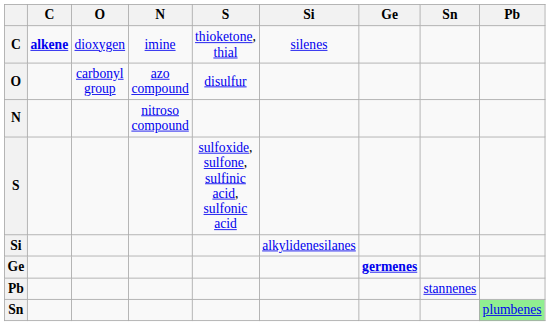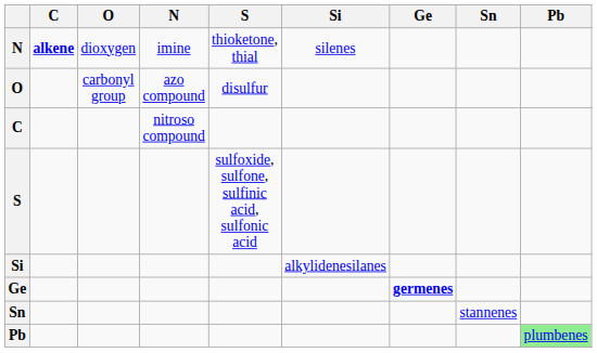 <table Class ="wikitable" style ="text-align:center;">
 <tr>
 <th></th>
 <th>C</th>
 <th>O</th>
 <th>N</th>
 <th>S</th>
 <th>Si</th>
 <th>Ge</th>
 <th>Sn</th>
 <th>Pb</th>
 </tr>
 <tr>
-<th>C</th>
+<th>N</th>
 <td><strong><a href='#'>alkene</a></strong></td>
 <td><a href='#'>dioxygen</a></td>
 <td><a href='#'>imine</a></td>
 <td><a href='#'>thioketone</a>, <a href='#'>thial</a></td>
 <td><a href='#'>silenes</a></td>
 <td></td>
 <td></td>
 <td></td>
 </tr>
 <tr>
 <th>O</th>
 <td></td>
 <td><a href='#'>carbonyl group</a></td>
 <td><a href='#'>azo compound</a></td>
 <td><a href='#'>disulfur</a></td>
 <td></td>
 <td></td>
 <td></td>
 <td></td>
 </tr>
 <tr>
-<th>N</th>
+<th>C</th>
 <td></td>
 <td></td>
 <td><a href='#'>nitroso compound</a></td>
 <td></td>
 <td></td>
 <td></td>
 <td></td>
 <td></td>
 </tr>
 <tr>
 <th>S</th>
 <td></td>
 <td></td>
 <td></td>
 <td><a href='#'>sulfoxide</a>, <a href='#'>sulfone</a>, <a href='#'>sulfinic acid</a>, <a href='#'>sulfonic acid</a></td>
 <td></td>
 <td></td>
 <td></td>
 <td></td>
 </tr>
 <tr>
 <th>Si</th>
 <td></td>
 <td></td>
 <td></td>
 <td></td>
 <td><a href='#'>alkylidenesilanes</a></td>
 <td></td>
 <td></td>
 <td></td>
 </tr>
 <tr>
 <th>Ge</th>
 <td></td>
 <td></td>
 <td></td>
 <td></td>
 <td></td>
 <td><strong><a href='#'>germenes</a></strong></td>
 <td></td>
 <td></td>
 </tr>
 <tr>
-<th>Pb</th>
+<th>Sn</th>
 <td></td>
 <td></td>
 <td></td>
 <td></td>
 <td></td>
 <td></td>
 <td><a href='#'>stannenes</a></td>
 <td></td>
 </tr>
 <tr>
-<th>Sn</th>
+<th>Pb</th>
 <td></td>
 <td></td>
 <td></td>
 <td></td>
 <td></td>
 <td></td>
 <td></td>
 <td style="background: lightgreen;"><a href='#'>plumbenes</a></td>
 </tr>
 </table>
